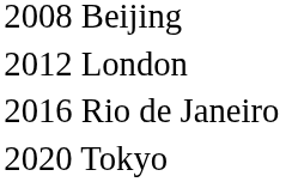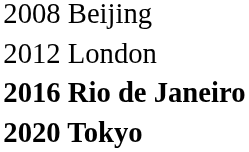 <table>
 <tr>
 <td>2008 Beijing <br></td>
 <td></td>
 <td></td>
 <td></td>
 </tr>
 <tr>
 <td>2012 London <br></td>
 <td></td>
 <td></td>
 <td></td>
 </tr>
 <tr>
-<td>2016 Rio de Janeiro <br></td>
+<td><strong>2016 Rio de Janeiro <br></strong></td>
 <td></td>
 <td></td>
 <td></td>
 </tr>
 <tr>
-<td>2020 Tokyo<br></td>
+<td><strong>2020 Tokyo<br></strong></td>
 <td></td>
 <td></td>
 <td></td>
 </tr>
 </table>
